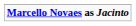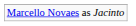 <table class="wikitable sortable">
 <tr bgcolor="#CCCCCC">
 </tr>
 <tr>
-<td><strong><a href='#'>Marcello Novaes</a> as <em>Jacinto</em></strong></td>
+<td><a href='#'>Marcello Novaes</a> as <em>Jacinto</em></td>
 </tr>
 </table>
